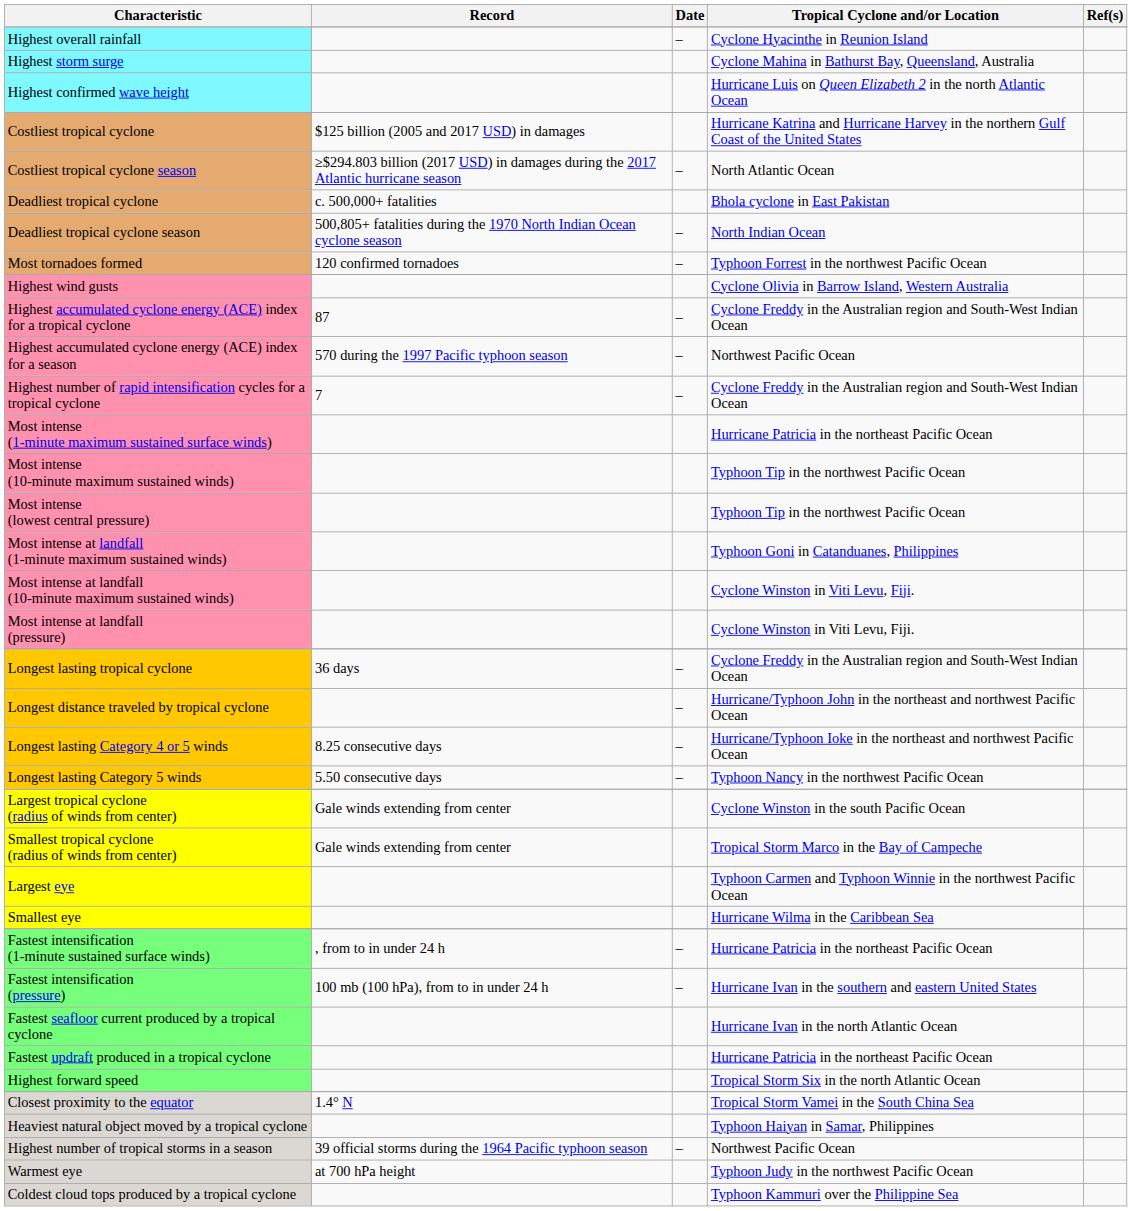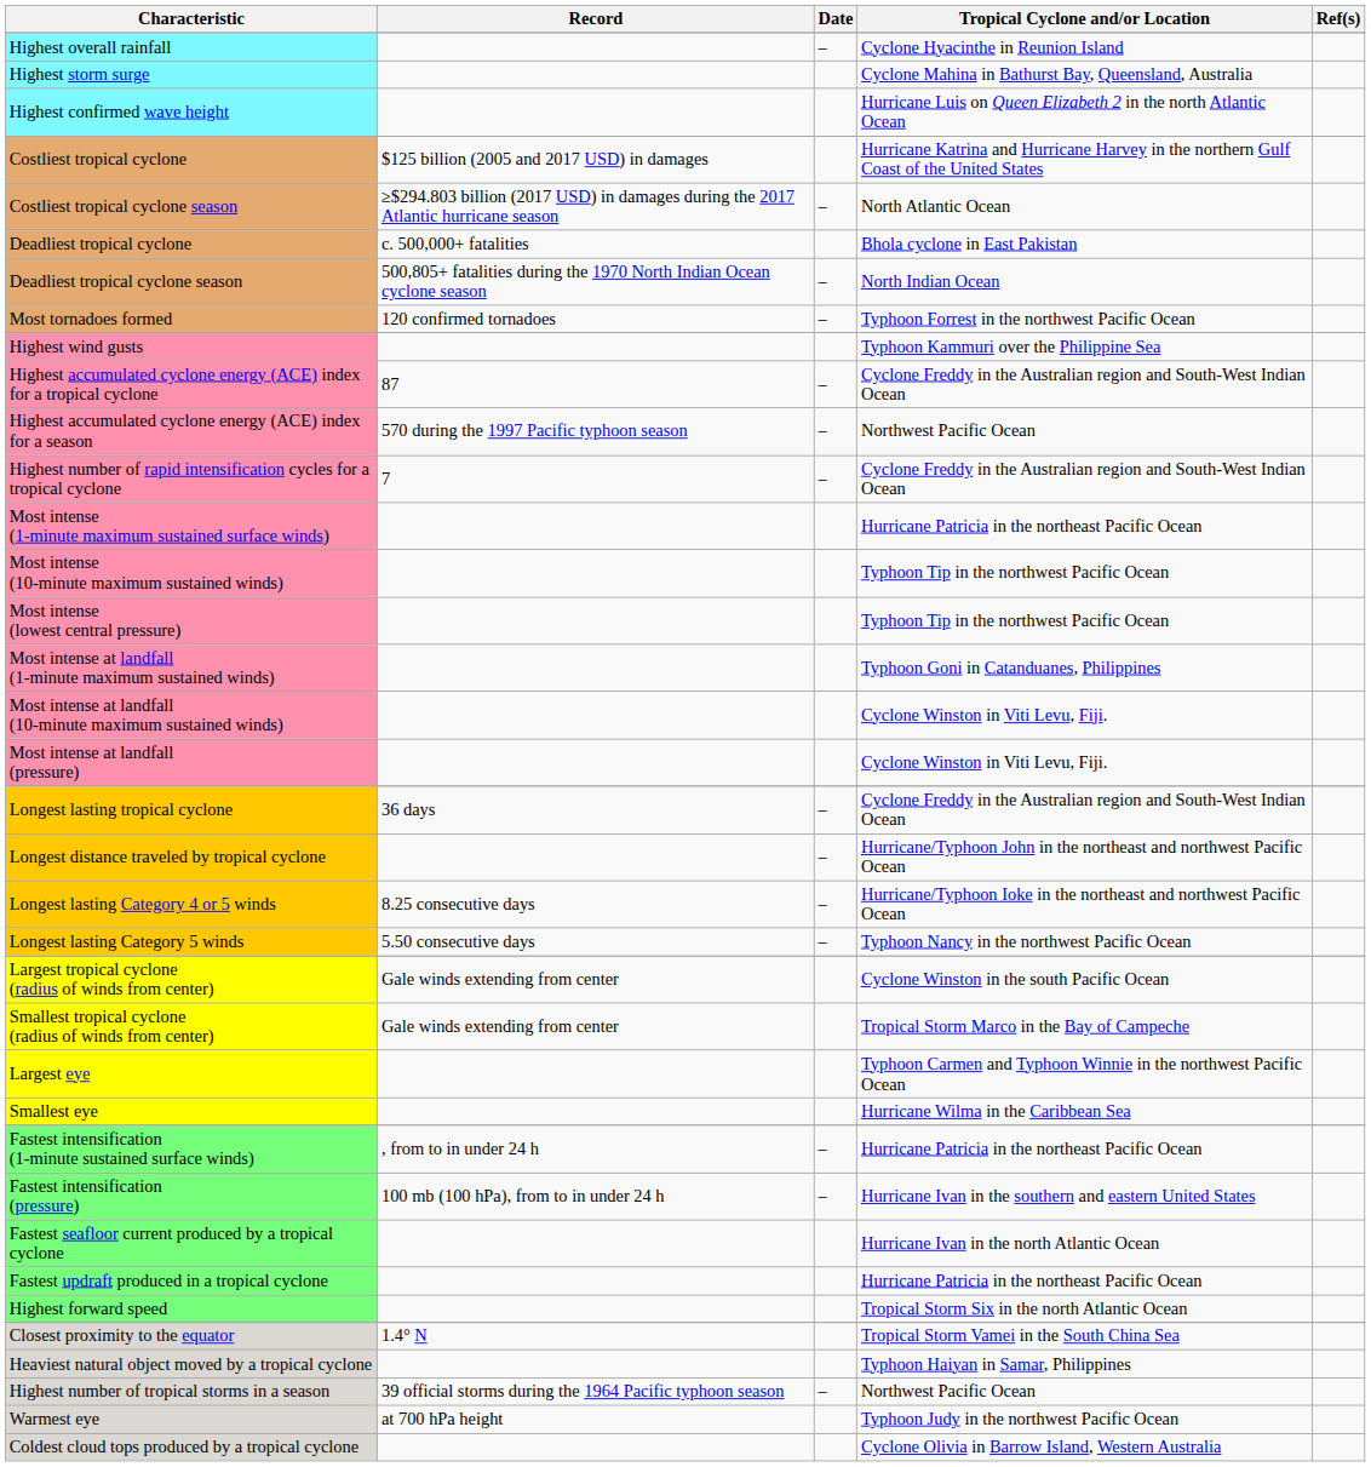 <table class="wikitable sortable" border="1">
 <tr>
 <th>Characteristic</th>
 <th>Record</th>
 <th>Date</th>
 <th>Tropical Cyclone and/or Location</th>
 <th>Ref(s)</th>
 </tr>
 <tr>
 </tr>
 <tr id="Table row 1">
 <td style="background: #7DF9FF">Highest overall rainfall</td>
 <td></td>
 <td> – </td>
 <td><a href='#'>Cyclone Hyacinthe</a> in <a href='#'>Reunion Island</a></td>
 <td></td>
 </tr>
 <tr>
 <td style="background: #7DF9FF">Highest <a href='#'>storm surge</a></td>
 <td></td>
 <td></td>
 <td><a href='#'>Cyclone Mahina</a> in <a href='#'>Bathurst Bay</a>, <a href='#'>Queensland</a>, Australia</td>
 <td></td>
 </tr>
 <tr>
 <td style="background: #7DF9FF">Highest confirmed <a href='#'>wave height</a></td>
 <td></td>
 <td></td>
 <td><a href='#'>Hurricane Luis</a>  on <em><a href='#'>Queen Elizabeth 2</a></em> in the north <a href='#'>Atlantic Ocean</a></td>
 <td></td>
 </tr>
 <tr>
 </tr>
 <tr id="Table row 4">
 <td style="background: #E5AA70">Costliest tropical cyclone</td>
 <td>$125 billion (2005 and 2017 <a href='#'>USD</a>) in damages</td>
 <td><br></td>
 <td><a href='#'>Hurricane Katrina</a> and <a href='#'>Hurricane Harvey</a> in the northern <a href='#'>Gulf Coast of the United States</a></td>
 <td></td>
 </tr>
 <tr>
 <td style="background: #E5AA70">Costliest tropical cyclone <a href='#'>season</a></td>
 <td>≥$294.803 billion (2017 <a href='#'>USD</a>) in damages  during the <a href='#'>2017 Atlantic hurricane season</a></td>
 <td> – </td>
 <td>North Atlantic Ocean</td>
 <td></td>
 </tr>
 <tr>
 <td style="background: #E5AA70">Deadliest tropical cyclone</td>
 <td>c. 500,000+ fatalities</td>
 <td></td>
 <td><a href='#'>Bhola cyclone</a> in <a href='#'>East Pakistan</a></td>
 <td></td>
 </tr>
 <tr>
 <td style="background: #E5AA70">Deadliest tropical cyclone season</td>
 <td>500,805+ fatalities during the <a href='#'>1970 North Indian Ocean cyclone season</a></td>
 <td> – </td>
 <td><a href='#'>North Indian Ocean</a></td>
 <td></td>
 </tr>
 <tr>
 <td style="background: #E5AA70">Most tornadoes formed</td>
 <td>120 confirmed tornadoes</td>
 <td> – </td>
 <td><a href='#'>Typhoon Forrest</a> in the northwest Pacific Ocean</td>
 <td></td>
 </tr>
 <tr>
 </tr>
 <tr id="Table row 9">
 <td style="background: #FF91AF">Highest wind gusts</td>
 <td></td>
 <td></td>
-<td><a href='#'>Cyclone Olivia</a> in <a href='#'>Barrow Island</a>, <a href='#'>Western Australia</a></td>
+<td><a href='#'>Typhoon Kammuri</a> over the <a href='#'>Philippine Sea</a></td>
 <td></td>
 </tr>
 <tr>
 <td style="background: #FF91AF">Highest <a href='#'>accumulated cyclone energy (ACE)</a> index for a tropical cyclone</td>
 <td>87</td>
 <td> – </td>
 <td><a href='#'>Cyclone Freddy</a> in the Australian region and South-West Indian Ocean</td>
 <td></td>
 </tr>
 <tr>
 <td style="background: #FF91AF">Highest accumulated cyclone energy (ACE) index for a season</td>
 <td>570 during the <a href='#'>1997 Pacific typhoon season</a></td>
 <td> – </td>
 <td>Northwest Pacific Ocean</td>
 <td></td>
 </tr>
 <tr>
 <td style="background: #FF91AF">Highest number of <a href='#'>rapid intensification</a> cycles for a tropical cyclone</td>
 <td>7</td>
 <td> – </td>
 <td><a href='#'>Cyclone Freddy</a> in the Australian region and South-West Indian Ocean</td>
 <td></td>
 </tr>
 <tr>
 <td style="background: #FF91AF">Most intense <br> (<a href='#'>1-minute maximum sustained surface winds</a>)</td>
 <td></td>
 <td></td>
 <td><a href='#'>Hurricane Patricia</a> in the northeast Pacific Ocean</td>
 <td></td>
 </tr>
 <tr>
 <td style="background: #FF91AF">Most intense <br> (10-minute maximum sustained winds)</td>
 <td></td>
 <td></td>
 <td><a href='#'>Typhoon Tip</a> in the northwest Pacific Ocean</td>
 <td></td>
 </tr>
 <tr>
 <td style="background: #FF91AF">Most intense <br> (lowest central pressure)</td>
 <td></td>
 <td></td>
 <td><a href='#'>Typhoon Tip</a> in the northwest Pacific Ocean</td>
 <td></td>
 </tr>
 <tr>
 <td style="background: #FF91AF">Most intense at <a href='#'>landfall</a><br> (1-minute maximum sustained winds)</td>
 <td></td>
 <td></td>
 <td><a href='#'>Typhoon Goni</a> in <a href='#'>Catanduanes</a>, <a href='#'>Philippines</a><br></td>
 <td></td>
 </tr>
 <tr>
 <td style="background: #FF91AF">Most intense at landfall<br> (10-minute maximum sustained winds)</td>
 <td></td>
 <td></td>
 <td><a href='#'>Cyclone Winston</a> in <a href='#'>Viti Levu</a>, <a href='#'>Fiji</a>.</td>
 <td></td>
 </tr>
 <tr>
 <td style="background: #FF91AF">Most intense at landfall <br> (pressure)</td>
 <td></td>
 <td></td>
 <td><a href='#'>Cyclone Winston</a> in Viti Levu, Fiji.</td>
 <td></td>
 </tr>
 <tr>
 </tr>
 <tr id="Table row 18">
 <td style="background: #FFC800">Longest lasting tropical cyclone</td>
 <td>36 days</td>
 <td> – </td>
 <td><a href='#'>Cyclone Freddy</a> in the Australian region and South-West Indian Ocean</td>
 <td></td>
 </tr>
 <tr>
 <td style="background: #FFC800">Longest distance traveled by tropical cyclone</td>
 <td></td>
 <td> – </td>
 <td><a href='#'>Hurricane/Typhoon John</a> in the northeast and northwest Pacific Ocean</td>
 <td></td>
 </tr>
 <tr>
 <td style="background: #FFC800">Longest lasting <a href='#'>Category 4 or 5</a> winds</td>
 <td>8.25 consecutive days</td>
 <td> – </td>
 <td><a href='#'>Hurricane/Typhoon Ioke</a> in the northeast and northwest Pacific Ocean</td>
 <td></td>
 </tr>
 <tr>
 <td style="background: #FFC800">Longest lasting Category 5 winds</td>
 <td>5.50 consecutive days</td>
 <td> – </td>
 <td><a href='#'>Typhoon Nancy</a> in the northwest Pacific Ocean</td>
 <td></td>
 </tr>
 <tr>
 </tr>
 <tr id="Table row 22">
 <td style="background: #FFFF00">Largest tropical cyclone <br> (<a href='#'>radius</a> of winds from center)</td>
 <td>Gale winds  extending  from center</td>
 <td></td>
 <td><a href='#'>Cyclone Winston</a> in the south Pacific Ocean</td>
 <td></td>
 </tr>
 <tr>
 <td style="background: #FFFF00">Smallest tropical cyclone <br> (radius of winds from center)</td>
 <td>Gale winds  extending  from center</td>
 <td></td>
 <td><a href='#'>Tropical Storm Marco</a> in the <a href='#'>Bay of Campeche</a></td>
 <td></td>
 </tr>
 <tr>
 <td style="background: #FFFF00">Largest <a href='#'>eye</a> <br></td>
 <td></td>
 <td> <br> </td>
 <td><a href='#'>Typhoon Carmen</a> and <a href='#'>Typhoon Winnie</a> in the northwest Pacific Ocean</td>
 <td></td>
 </tr>
 <tr>
 <td style="background: #FFFF00">Smallest eye <br></td>
 <td></td>
 <td></td>
 <td><a href='#'>Hurricane Wilma</a> in the <a href='#'>Caribbean Sea</a></td>
 <td></td>
 </tr>
 <tr>
 </tr>
 <tr id="Table row 26">
 <td style="background: #76FF7A">Fastest intensification <br> (1-minute sustained surface winds)</td>
 <td>, from  to  in under 24 h</td>
 <td> – </td>
 <td><a href='#'>Hurricane Patricia</a> in the northeast Pacific Ocean</td>
 <td></td>
 </tr>
 <tr>
 <td style="background: #76FF7A">Fastest intensification <br> (<a href='#'>pressure</a>)</td>
 <td>100 mb (100 hPa), from  to  in under 24 h</td>
 <td> – </td>
 <td><a href='#'>Hurricane Ivan</a> in the <a href='#'>southern</a> and <a href='#'>eastern United States</a></td>
 <td></td>
 </tr>
 <tr>
 <td style="background: #76FF7A">Fastest <a href='#'>seafloor</a> current produced by a tropical cyclone</td>
 <td></td>
 <td></td>
 <td><a href='#'>Hurricane Ivan</a> in the north Atlantic Ocean</td>
 <td></td>
 </tr>
 <tr>
 <td style="background: #76FF7A">Fastest <a href='#'>updraft</a> produced in a tropical cyclone</td>
 <td></td>
 <td></td>
 <td><a href='#'>Hurricane Patricia</a> in the northeast Pacific Ocean</td>
 <td></td>
 </tr>
 <tr>
 <td style="background: #76FF7A">Highest forward speed</td>
 <td></td>
 <td></td>
 <td><a href='#'>Tropical Storm Six</a> in the north Atlantic Ocean</td>
 <td></td>
 </tr>
 <tr>
 </tr>
 <tr id="Table row 31">
 <td style="background: #DBD7D2">Closest proximity to the <a href='#'>equator</a></td>
 <td>1.4° <a href='#'>N</a></td>
 <td></td>
 <td><a href='#'>Tropical Storm Vamei</a> in the <a href='#'>South China Sea</a></td>
 <td></td>
 </tr>
 <tr>
 <td style="background: #DBD7D2">Heaviest natural object moved by a tropical cyclone</td>
 <td></td>
 <td></td>
 <td><a href='#'>Typhoon Haiyan</a> in <a href='#'>Samar</a>, Philippines</td>
 <td></td>
 </tr>
 <tr>
 <td style="background: #DBD7D2">Highest number of tropical storms in a season</td>
 <td>39 official storms during the <a href='#'>1964 Pacific typhoon season</a></td>
 <td> – </td>
 <td>Northwest Pacific Ocean</td>
 <td></td>
 </tr>
 <tr>
 <td style="background: #DBD7D2">Warmest eye</td>
 <td> at 700 hPa height</td>
 <td></td>
 <td><a href='#'>Typhoon Judy</a> in the northwest Pacific Ocean</td>
 <td></td>
 </tr>
 <tr>
 <td style="background: #DBD7D2">Coldest cloud tops produced by a tropical cyclone</td>
 <td></td>
 <td></td>
-<td><a href='#'>Typhoon Kammuri</a> over the <a href='#'>Philippine Sea</a></td>
+<td><a href='#'>Cyclone Olivia</a> in <a href='#'>Barrow Island</a>, <a href='#'>Western Australia</a></td>
 <td></td>
 </tr>
 </table>
